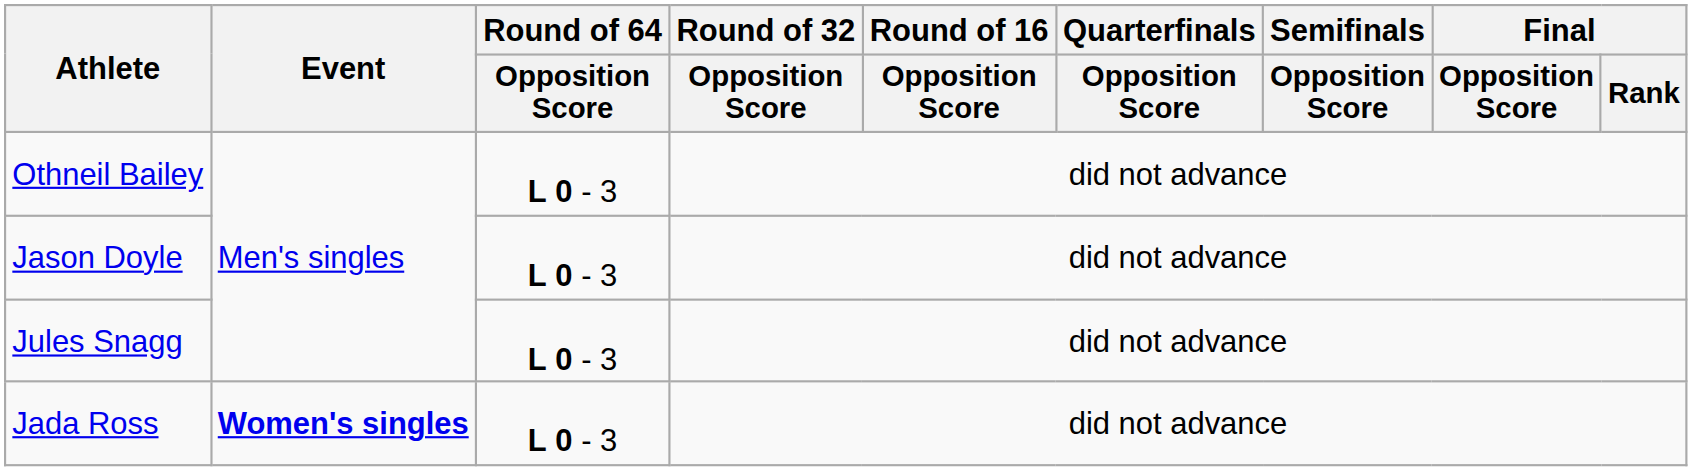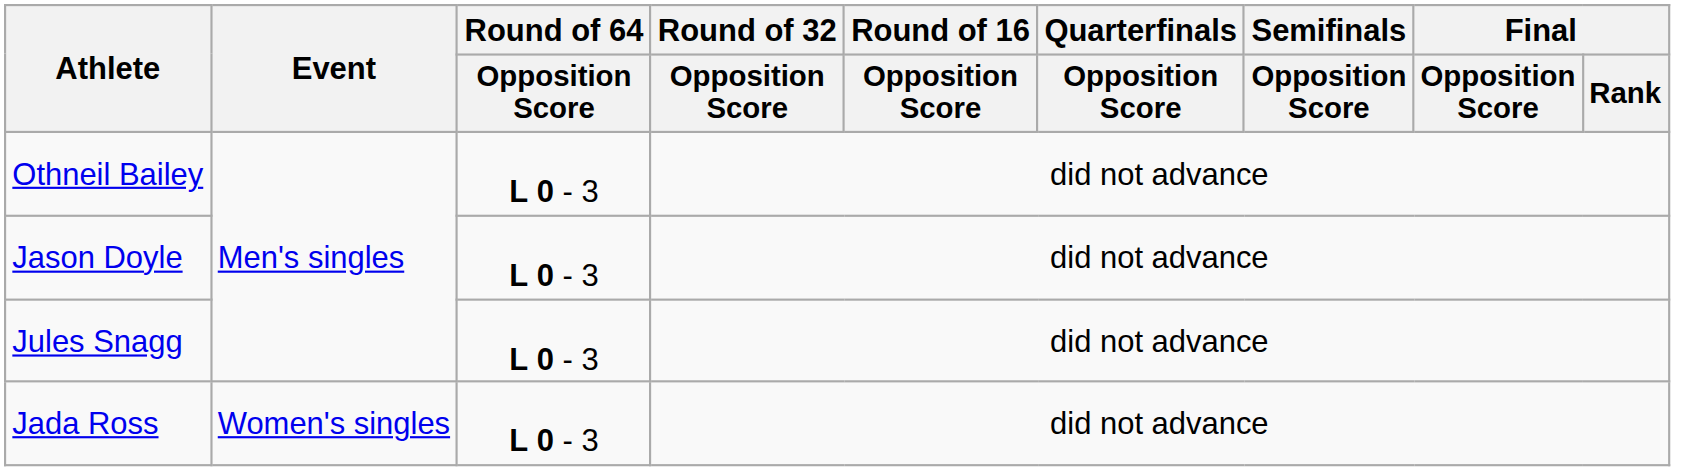 <table class=wikitable style=font-size:90%;text-align:center>
 <tr>
 <th rowspan=2>Athlete</th>
 <th rowspan=2>Event</th>
 <th>Round of 64</th>
 <th>Round of 32</th>
 <th>Round of 16</th>
 <th>Quarterfinals</th>
 <th>Semifinals</th>
 <th colspan=2>Final</th>
 </tr>
 <tr style=font-size:95%>
 <th>Opposition<br>Score</th>
 <th>Opposition<br>Score</th>
 <th>Opposition<br>Score</th>
 <th>Opposition<br>Score</th>
 <th>Opposition<br>Score</th>
 <th>Opposition<br>Score</th>
 <th>Rank</th>
 </tr>
 <tr>
 <td align=left><a href='#'>Othneil Bailey</a></td>
 <td align=left rowspan=3><a href='#'>Men's singles</a></td>
 <td><br><strong>L</strong> <strong>0</strong> - 3</td>
 <td colspan=6>did not advance</td>
 </tr>
 <tr>
 <td align=left><a href='#'>Jason Doyle</a></td>
 <td><br><strong>L</strong> <strong>0</strong> - 3</td>
 <td colspan=6>did not advance</td>
 </tr>
 <tr>
 <td align=left><a href='#'>Jules Snagg</a></td>
 <td><br><strong>L</strong> <strong>0</strong> - 3</td>
 <td colspan=6>did not advance</td>
 </tr>
 <tr>
 <td align=left><a href='#'>Jada Ross</a></td>
-<td align=left><strong><a href='#'>Women's singles</a></strong></td>
+<td align=left><a href='#'>Women's singles</a></td>
 <td><br><strong>L</strong> <strong>0</strong> - 3</td>
 <td colspan=6>did not advance</td>
 </tr>
 </table>
